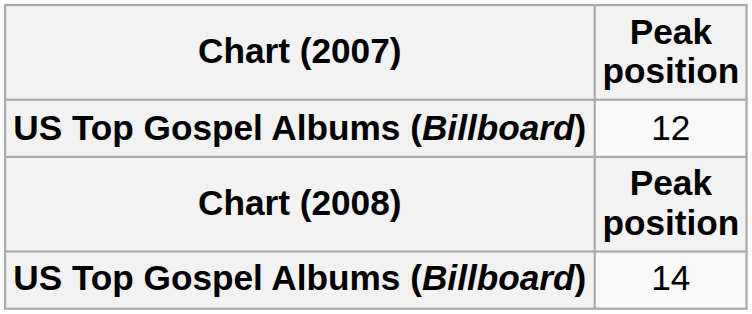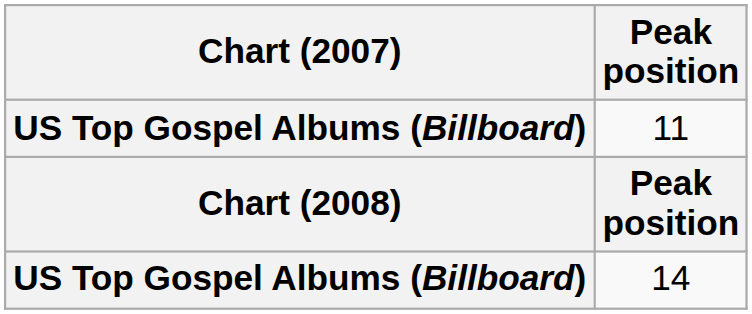 <table class="wikitable sortable plainrowheaders">
 <tr>
 <th scope="col">Chart (2007)</th>
 <th scope="col">Peak<br>position</th>
 </tr>
 <tr>
 <th scope="row">US Top Gospel Albums (<em>Billboard</em>)</th>
-<td align="center">12</td>
+<td align="center">11</td>
 </tr>
 <tr>
 <th scope="col">Chart (2008)</th>
 <th scope="col">Peak<br>position</th>
 </tr>
 <tr>
 <th scope="row">US Top Gospel Albums (<em>Billboard</em>)</th>
 <td align="center">14</td>
 </tr>
 </table>
